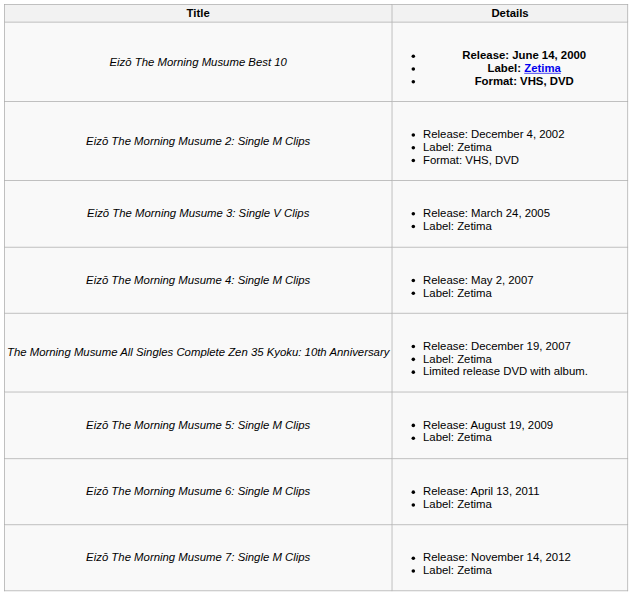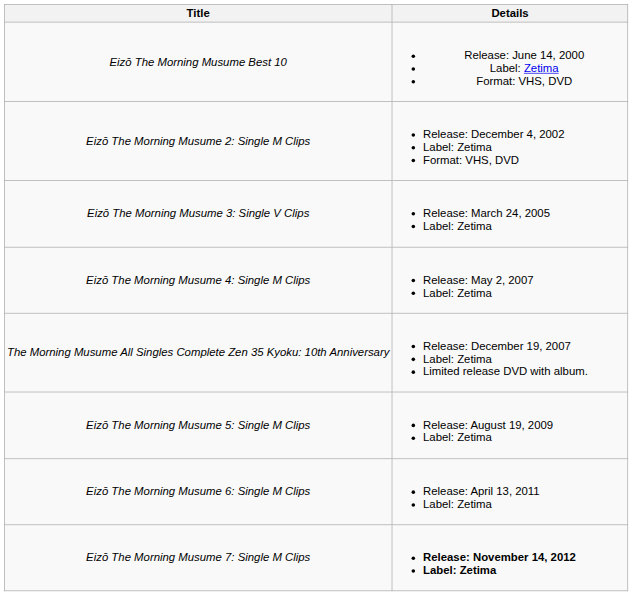 <table class="wikitable plainrowheaders" style="text-align:center;">
 <tr>
 <th>Title</th>
 <th width="325">Details</th>
 </tr>
 <tr>
 <td><em>Eizō The Morning Musume Best 10</em></td>
-<td><strong><br><ul><li>Release: June 14, 2000</li><li>Label: <a href='#'>Zetima</a></li><li>Format: VHS, DVD</li></ul></strong></td>
+<td><br><ul><li>Release: June 14, 2000</li><li>Label: <a href='#'>Zetima</a></li><li>Format: VHS, DVD</li></ul></td>
 </tr>
 <tr>
 <td><em>Eizō The Morning Musume 2: Single M Clips</em></td>
 <td align="left"><br><ul><li>Release: December 4, 2002</li><li>Label: Zetima</li><li>Format: VHS, DVD</li></ul></td>
 </tr>
 <tr>
 <td><em>Eizō The Morning Musume 3: Single V Clips</em></td>
 <td align="left"><br><ul><li>Release: March 24, 2005</li><li>Label: Zetima</li></ul></td>
 </tr>
 <tr>
 <td><em>Eizō The Morning Musume 4: Single M Clips</em></td>
 <td align="left"><br><ul><li>Release: May 2, 2007</li><li>Label: Zetima</li></ul></td>
 </tr>
 <tr>
 <td><em>The Morning Musume All Singles Complete Zen 35 Kyoku: 10th Anniversary</em></td>
 <td align="left"><br><ul><li>Release: December 19, 2007</li><li>Label: Zetima</li><li>Limited release DVD with album.</li></ul></td>
 </tr>
 <tr>
 <td><em>Eizō The Morning Musume 5: Single M Clips</em></td>
 <td align="left"><br><ul><li>Release: August 19, 2009</li><li>Label: Zetima</li></ul></td>
 </tr>
 <tr>
 <td><em>Eizō The Morning Musume 6: Single M Clips</em></td>
 <td align="left"><br><ul><li>Release: April 13, 2011</li><li>Label: Zetima</li></ul></td>
 </tr>
 <tr>
 <td><em>Eizō The Morning Musume 7: Single M Clips</em></td>
-<td align="left"><br><ul><li>Release: November 14, 2012</li><li>Label: Zetima</li></ul></td>
+<td align="left"><strong><br><ul><li>Release: November 14, 2012</li><li>Label: Zetima</li></ul></strong></td>
 </tr>
 </table>
